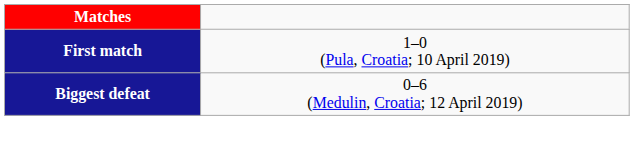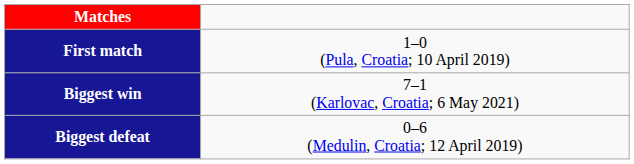 <table class="wikitable collapsible" style="width:50%;text-align:center">
 <tr>
 <th style="background:#ff0000; color:white; "><strong>Matches</strong></th>
 </tr>
 <tr>
 <th style="background:#171796; color:white; ">First match</th>
 <td> 1–0 <br>(<a href='#'>Pula</a>, <a href='#'>Croatia</a>; 10 April 2019)</td>
 </tr>
 <tr>
+<th style="background:#171796; color:white; ">Biggest win</th>
+<td> 7–1 <br>(<a href='#'>Karlovac</a>, <a href='#'>Croatia</a>; 6 May 2021)</td>
+</tr>
+<tr>
 <th style="background:#171796; color:white; ">Biggest defeat</th>
 <td> 0–6 <br>(<a href='#'>Medulin</a>, <a href='#'>Croatia</a>; 12 April 2019)</td>
 </tr>
 </table>
